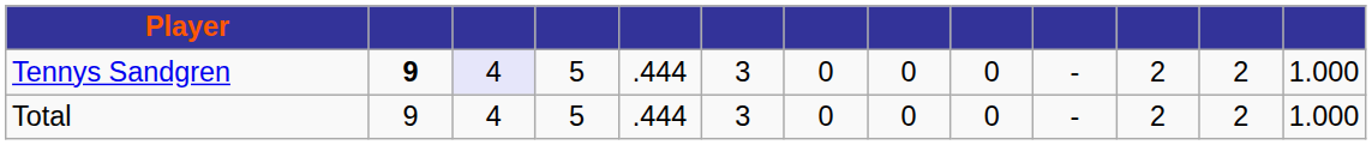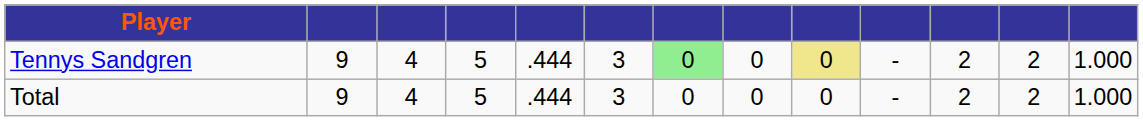 <table class="wikitable" style="text-align:center">
 <tr>
 <th style="background:#333399; color:#FF5800" width="200px">Player</th>
 <th style="background:#333399; color:#FF5800" width="40px"></th>
 <th style="background:#333399; color:#FF5800" width="40px"></th>
 <th style="background:#333399; color:#FF5800" width="40px"></th>
 <th style="background:#333399; color:#FF5800" width="40px"></th>
 <th style="background:#333399; color:#FF5800" width="40px"></th>
 <th style="background:#333399; color:#FF5800" width="40px"></th>
 <th style="background:#333399; color:#FF5800" width="40px"></th>
 <th style="background:#333399; color:#FF5800" width="40px"></th>
 <th style="background:#333399; color:#FF5800" width="40px"></th>
 <th style="background:#333399; color:#FF5800" width="40px"></th>
 <th style="background:#333399; color:#FF5800" width="40px"></th>
 <th style="background:#333399; color:#FF5800" width="40px"></th>
 </tr>
 <tr>
 <td style="text-align:left"><a href='#'>Tennys Sandgren</a></td>
-<td><strong>9</strong></td>
-<td style="background: lavender;">4</td>
+<td>9</td>
+<td>4</td>
 <td>5</td>
 <td>.444</td>
 <td>3</td>
+<td style="background: lightgreen;">0</td>
 <td>0</td>
-<td>0</td>
-<td>0</td>
+<td style="background: khaki;">0</td>
 <td>-</td>
 <td>2</td>
 <td>2</td>
 <td>1.000</td>
 </tr>
 <tr>
 <td style="text-align:left">Total</td>
 <td>9</td>
 <td>4</td>
 <td>5</td>
 <td>.444</td>
 <td>3</td>
 <td>0</td>
 <td>0</td>
 <td>0</td>
 <td>-</td>
 <td>2</td>
 <td>2</td>
 <td>1.000</td>
 </tr>
 </table>
